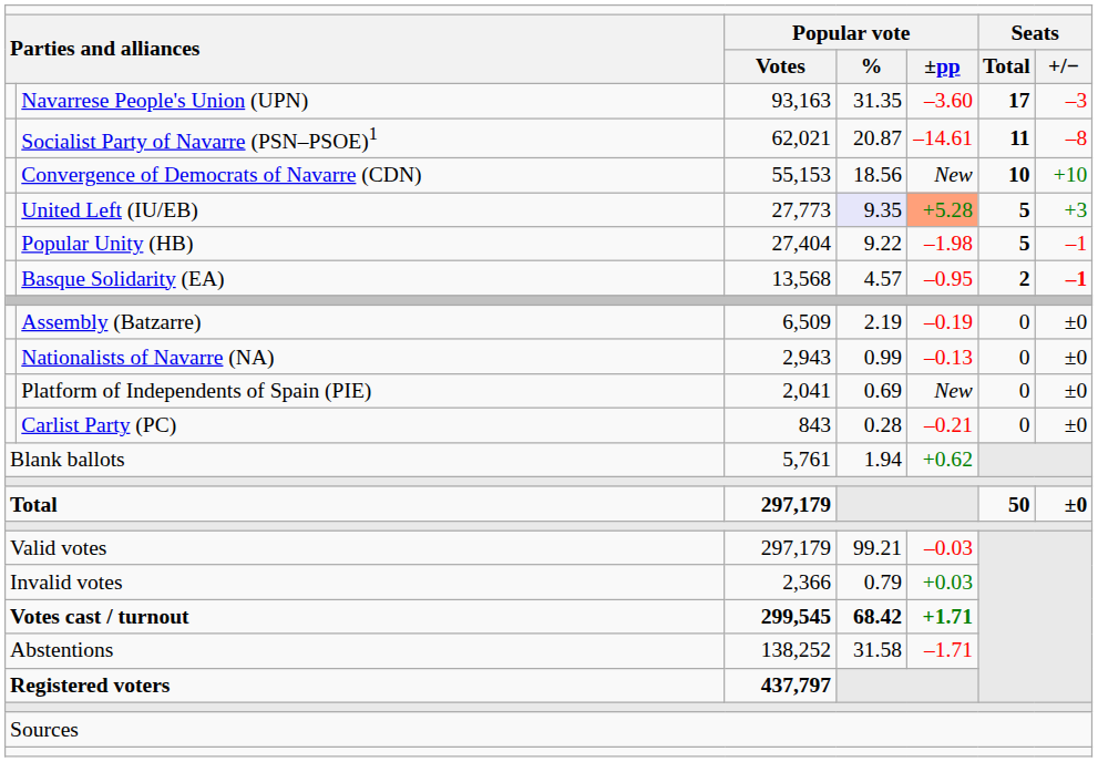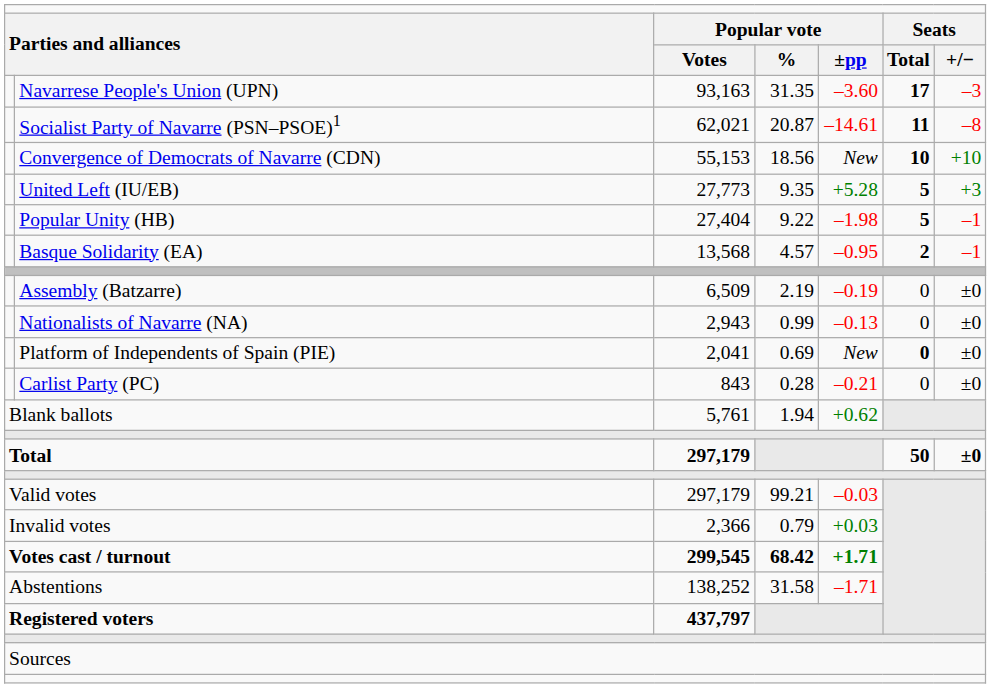 <table class="wikitable" style="text-align:right;">
 <tr>
 <td colspan="7"></td>
 </tr>
 <tr>
 <th style="text-align:left;" rowspan="2" colspan="2" width="525">Parties and alliances</th>
 <th colspan="3">Popular vote</th>
 <th colspan="2">Seats</th>
 </tr>
 <tr>
 <th width="75">Votes</th>
 <th width="45">%</th>
 <th width="45">±<a href='#'>pp</a></th>
 <th width="35">Total</th>
 <th width="35">+/−</th>
 </tr>
 <tr>
 <td width="1" style="color:inherit;background:"></td>
 <td align="left"><a href='#'>Navarrese People's Union</a> (UPN)</td>
 <td>93,163</td>
 <td>31.35</td>
 <td style="color:red;">–3.60</td>
 <td><strong>17</strong></td>
 <td style="color:red;">–3</td>
 </tr>
 <tr>
 <td style="color:inherit;background:"></td>
 <td align="left"><a href='#'>Socialist Party of Navarre</a> (PSN–PSOE)<sup>1</sup></td>
 <td>62,021</td>
 <td>20.87</td>
 <td style="color:red;">–14.61</td>
 <td><strong>11</strong></td>
 <td style="color:red;">–8</td>
 </tr>
 <tr>
 <td style="color:inherit;background:"></td>
 <td align="left"><a href='#'>Convergence of Democrats of Navarre</a> (CDN)</td>
 <td>55,153</td>
 <td>18.56</td>
 <td><em>New</em></td>
 <td><strong>10</strong></td>
 <td style="color:green;">+10</td>
 </tr>
 <tr>
 <td style="color:inherit;background:"></td>
 <td align="left"><a href='#'>United Left</a> (IU/EB)</td>
 <td>27,773</td>
-<td style="background: lavender;">9.35</td>
-<td style="background: lightsalmon; color:green;">+5.28</td>
+<td>9.35</td>
+<td style="color:green;">+5.28</td>
 <td><strong>5</strong></td>
 <td style="color:green;">+3</td>
 </tr>
 <tr>
 <td style="color:inherit;background:"></td>
 <td align="left"><a href='#'>Popular Unity</a> (HB)</td>
 <td>27,404</td>
 <td>9.22</td>
 <td style="color:red;">–1.98</td>
 <td><strong>5</strong></td>
 <td style="color:red;">–1</td>
 </tr>
 <tr>
 <td style="color:inherit;background:"></td>
 <td align="left"><a href='#'>Basque Solidarity</a> (EA)</td>
 <td>13,568</td>
 <td>4.57</td>
 <td style="color:red;">–0.95</td>
 <td><strong>2</strong></td>
-<td style="color:red;"><strong>–1</strong></td>
+<td style="color:red;">–1</td>
 </tr>
 <tr>
 <td colspan="7" bgcolor="#C0C0C0"></td>
 </tr>
 <tr>
 <td style="color:inherit;background:"></td>
 <td align="left"><a href='#'>Assembly</a> (Batzarre)</td>
 <td>6,509</td>
 <td>2.19</td>
 <td style="color:red;">–0.19</td>
 <td>0</td>
 <td>±0</td>
 </tr>
 <tr>
 <td style="color:inherit;background:"></td>
 <td align="left"><a href='#'>Nationalists of Navarre</a> (NA)</td>
 <td>2,943</td>
 <td>0.99</td>
 <td style="color:red;">–0.13</td>
 <td>0</td>
 <td>±0</td>
 </tr>
 <tr>
 <td style="color:inherit;background:"></td>
 <td align="left">Platform of Independents of Spain (PIE)</td>
 <td>2,041</td>
 <td>0.69</td>
 <td><em>New</em></td>
-<td>0</td>
+<td><strong>0</strong></td>
 <td>±0</td>
 </tr>
 <tr>
 <td style="color:inherit;background:"></td>
 <td align="left"><a href='#'>Carlist Party</a> (PC)</td>
 <td>843</td>
 <td>0.28</td>
 <td style="color:red;">–0.21</td>
 <td>0</td>
 <td>±0</td>
 </tr>
 <tr>
 <td align="left" colspan="2">Blank ballots</td>
 <td>5,761</td>
 <td>1.94</td>
 <td style="color:green;">+0.62</td>
 <td bgcolor="#E9E9E9" colspan="2"></td>
 </tr>
 <tr>
 <td colspan="7" bgcolor="#E9E9E9"></td>
 </tr>
 <tr style="font-weight:bold;">
 <td align="left" colspan="2">Total</td>
 <td>297,179</td>
 <td bgcolor="#E9E9E9" colspan="2"></td>
 <td>50</td>
 <td>±0</td>
 </tr>
 <tr>
 <td colspan="7" bgcolor="#E9E9E9"></td>
 </tr>
 <tr>
 <td align="left" colspan="2">Valid votes</td>
 <td>297,179</td>
 <td>99.21</td>
 <td style="color:red;">–0.03</td>
 <td bgcolor="#E9E9E9" colspan="2" rowspan="5"></td>
 </tr>
 <tr>
 <td align="left" colspan="2">Invalid votes</td>
 <td>2,366</td>
 <td>0.79</td>
 <td style="color:green;">+0.03</td>
 </tr>
 <tr style="font-weight:bold;">
 <td align="left" colspan="2">Votes cast / turnout</td>
 <td>299,545</td>
 <td>68.42</td>
 <td style="color:green;">+1.71</td>
 </tr>
 <tr>
 <td align="left" colspan="2">Abstentions</td>
 <td>138,252</td>
 <td>31.58</td>
 <td style="color:red;">–1.71</td>
 </tr>
 <tr style="font-weight:bold;">
 <td align="left" colspan="2">Registered voters</td>
 <td>437,797</td>
 <td bgcolor="#E9E9E9" colspan="2"></td>
 </tr>
 <tr>
 <td colspan="7" bgcolor="#E9E9E9"></td>
 </tr>
 <tr>
 <td align="left" colspan="7">Sources</td>
 </tr>
 <tr>
 <td colspan="7" style="text-align:left; font-size:95%; max-width:790px;"></td>
 </tr>
 </table>
